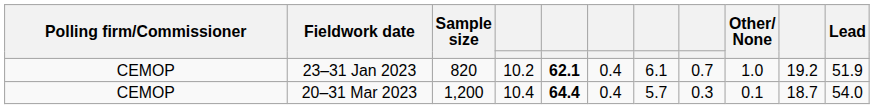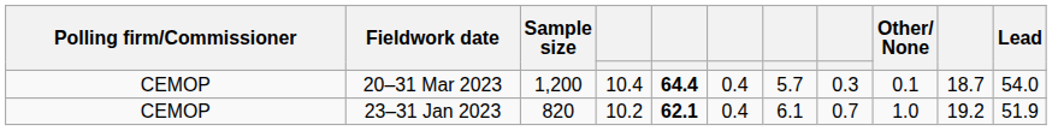 <table class="wikitable collapsible collapsed" style="text-align:center; font-size:90%; line-height:14px;">
 <tr style="height:42px;">
 <th style="width:250px;" rowspan="2">Polling firm/Commissioner</th>
 <th style="width:125px;" rowspan="2">Fieldwork date</th>
 <th style="width:50px;" rowspan="2">Sample size</th>
 <th style="width:35px;"></th>
 <th style="width:35px;"></th>
 <th style="width:35px;"></th>
 <th style="width:35px;"></th>
 <th style="width:35px;"></th>
 <th style="width:35px;" rowspan="2">Other/<br>None</th>
 <th style="width:35px;" rowspan="2"></th>
 <th style="width:30px;" rowspan="2">Lead</th>
 </tr>
 <tr>
 <th style="color:inherit;background:"></th>
 <th style="color:inherit;background:"></th>
 <th style="color:inherit;background:"></th>
 <th style="color:inherit;background:"></th>
 <th style="color:inherit;background:"></th>
 </tr>
 <tr>
 <td>CEMOP</td>
+<td>20–31 Mar 2023</td>
+<td>1,200</td>
+<td>10.4</td>
+<td><strong>64.4</strong></td>
+<td>0.4</td>
+<td>5.7</td>
+<td>0.3</td>
+<td>0.1</td>
+<td>18.7</td>
+<td style="background:">54.0</td>
+</tr>
+<tr>
+<td>CEMOP</td>
 <td>23–31 Jan 2023</td>
 <td>820</td>
 <td>10.2</td>
 <td><strong>62.1</strong></td>
 <td>0.4</td>
 <td>6.1</td>
 <td>0.7</td>
 <td>1.0</td>
 <td>19.2</td>
 <td style="background:">51.9</td>
 </tr>
-<tr>
-<td>CEMOP</td>
-<td>20–31 Mar 2023</td>
-<td>1,200</td>
-<td>10.4</td>
-<td><strong>64.4</strong></td>
-<td>0.4</td>
-<td>5.7</td>
-<td>0.3</td>
-<td>0.1</td>
-<td>18.7</td>
-<td style="background:">54.0</td>
-</tr>
 </table>
